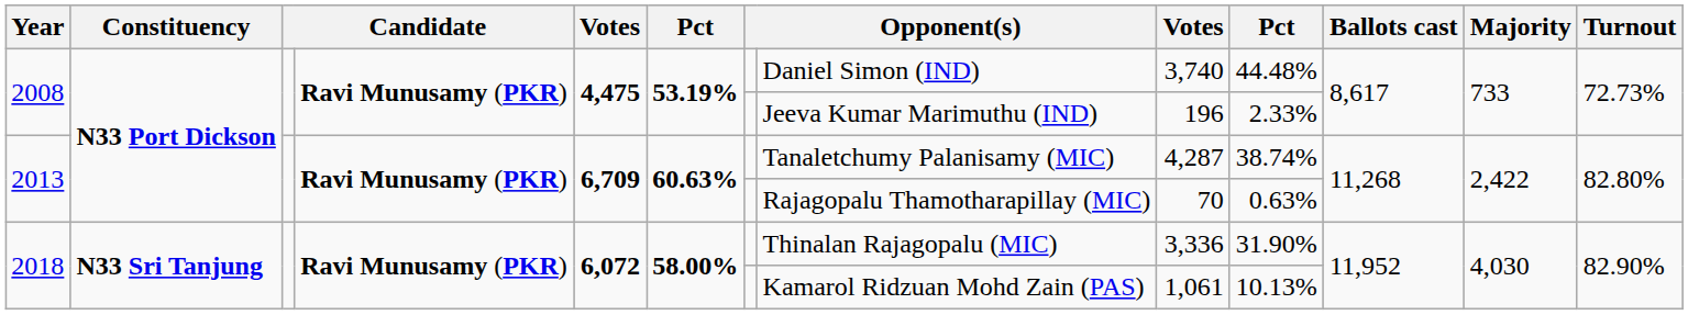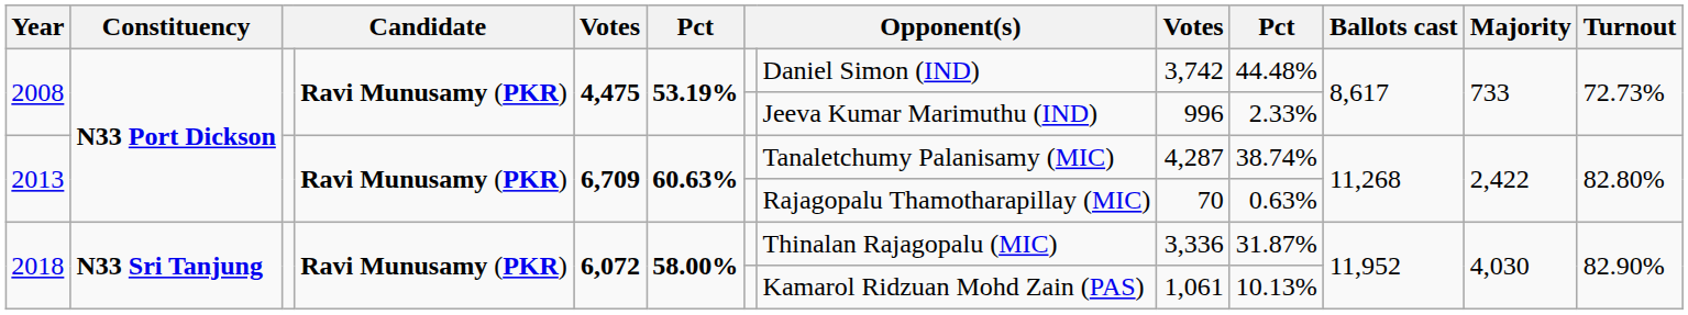 <table class="wikitable" style="margin:0.5em ; font-size:95%">
 <tr>
 <th>Year</th>
 <th>Constituency</th>
 <th colspan=2>Candidate</th>
 <th>Votes</th>
 <th>Pct</th>
 <th colspan=2>Opponent(s)</th>
 <th>Votes</th>
 <th>Pct</th>
 <th>Ballots cast</th>
 <th>Majority</th>
 <th>Turnout</th>
 </tr>
 <tr>
 <td rowspan=2><a href='#'>2008</a></td>
 <td rowspan=4><strong>N33 <a href='#'>Port Dickson</a></strong></td>
 <td rowspan=2 ></td>
 <td rowspan=2><strong>Ravi Munusamy</strong> (<a href='#'><strong>PKR</strong></a>)</td>
 <td rowspan=2 align="right"><strong>4,475</strong></td>
 <td rowspan=2><strong>53.19%</strong></td>
 <td></td>
 <td>Daniel Simon (<a href='#'>IND</a>)</td>
-<td align="right">3,740</td>
+<td align="right">3,742</td>
 <td>44.48%</td>
 <td rowspan=2>8,617</td>
 <td rowspan=2>733</td>
 <td rowspan=2>72.73%</td>
 </tr>
 <tr>
 <td></td>
 <td>Jeeva Kumar Marimuthu (<a href='#'>IND</a>)</td>
-<td align="right">196</td>
+<td align="right">996</td>
 <td align=right>2.33%</td>
 </tr>
 <tr>
 <td rowspan=2><a href='#'>2013</a></td>
 <td rowspan=2 ></td>
 <td rowspan=2><strong>Ravi Munusamy</strong> (<a href='#'><strong>PKR</strong></a>)</td>
 <td rowspan=2 align="right"><strong>6,709</strong></td>
 <td rowspan=2><strong>60.63%</strong></td>
 <td></td>
 <td>Tanaletchumy Palanisamy (<a href='#'>MIC</a>)</td>
 <td align="right">4,287</td>
 <td>38.74%</td>
 <td rowspan=2>11,268</td>
 <td rowspan=2>2,422</td>
 <td rowspan=2>82.80%</td>
 </tr>
 <tr>
 <td></td>
 <td>Rajagopalu Thamotharapillay (<a href='#'>MIC</a>)</td>
 <td align="right">70</td>
 <td align=right>0.63%</td>
 </tr>
 <tr>
 <td rowspan=2><a href='#'>2018</a></td>
 <td rowspan=2><strong>N33 <a href='#'>Sri Tanjung</a></strong></td>
 <td rowspan=2 ></td>
 <td rowspan=2><strong>Ravi Munusamy</strong> (<a href='#'><strong>PKR</strong></a>)</td>
 <td rowspan=2 align="right"><strong>6,072</strong></td>
 <td rowspan=2><strong>58.00%</strong></td>
 <td></td>
 <td>Thinalan Rajagopalu (<a href='#'>MIC</a>)</td>
 <td align="right">3,336</td>
-<td>31.90%</td>
+<td>31.87%</td>
 <td rowspan=2>11,952</td>
 <td rowspan=2>4,030</td>
 <td rowspan=2>82.90%</td>
 </tr>
 <tr>
 <td></td>
 <td>Kamarol Ridzuan Mohd Zain (<a href='#'>PAS</a>)</td>
 <td align="right">1,061</td>
 <td>10.13%</td>
 </tr>
 </table>
